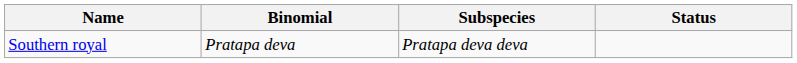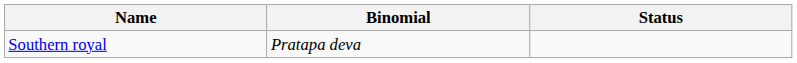 <table width=60% class="wikitable">
 <tr>
 <th width=20%>Name</th>
 <th width=20%>Binomial</th>
-<th width=20%>Subspecies</th>
 <th width=20%>Status</th>
 </tr>
 <tr>
 <td><a href='#'>Southern royal</a><br> </td>
 <td><em>Pratapa deva</em></td>
-<td><em>Pratapa deva deva</em></td>
 <td></td>
 </tr>
 </table>
